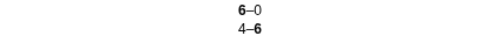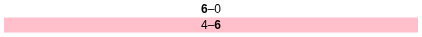 <table width="50%" cellspacing="1">
 <tr>
 <td align="right"><strong></strong></td>
 <td align="center"><strong>6</strong>–0</td>
 <td></td>
 </tr>
 <tr>
 <td align="right"></td>
-<td align="center">4–<strong>6</strong></td>
+<td align="center" style="background: pink;">4–<strong>6</strong></td>
 <td><strong></strong></td>
 </tr>
 </table>
